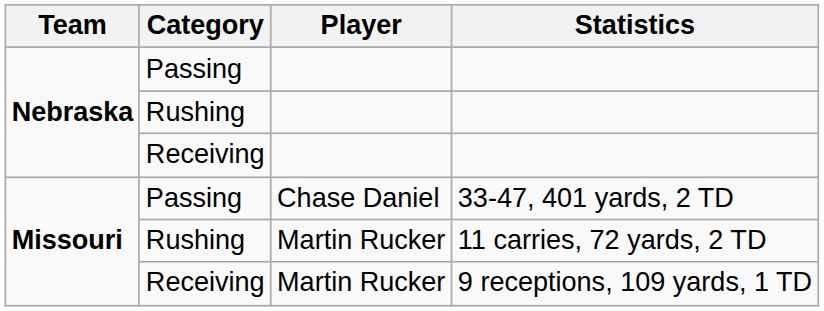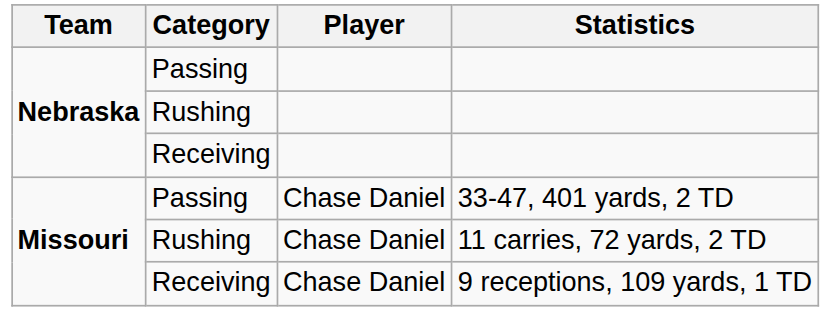 <table class="wikitable" style="float: right;">
 <tr>
 <th>Team</th>
 <th>Category</th>
 <th>Player</th>
 <th>Statistics</th>
 </tr>
 <tr>
 <td rowspan=3><strong>Nebraska</strong></td>
 <td>Passing</td>
 <td></td>
 <td></td>
 </tr>
 <tr>
 <td>Rushing</td>
 <td></td>
 <td></td>
 </tr>
 <tr>
 <td>Receiving</td>
 <td></td>
 <td></td>
 </tr>
 <tr>
 <td rowspan=3><strong>Missouri</strong></td>
 <td>Passing</td>
 <td>Chase Daniel</td>
 <td>33-47, 401 yards, 2 TD</td>
 </tr>
 <tr>
 <td>Rushing</td>
-<td>Martin Rucker</td>
+<td>Chase Daniel</td>
 <td>11 carries, 72 yards, 2 TD</td>
 </tr>
 <tr>
 <td>Receiving</td>
-<td>Martin Rucker</td>
+<td>Chase Daniel</td>
 <td>9 receptions, 109 yards, 1 TD</td>
 </tr>
 </table>
